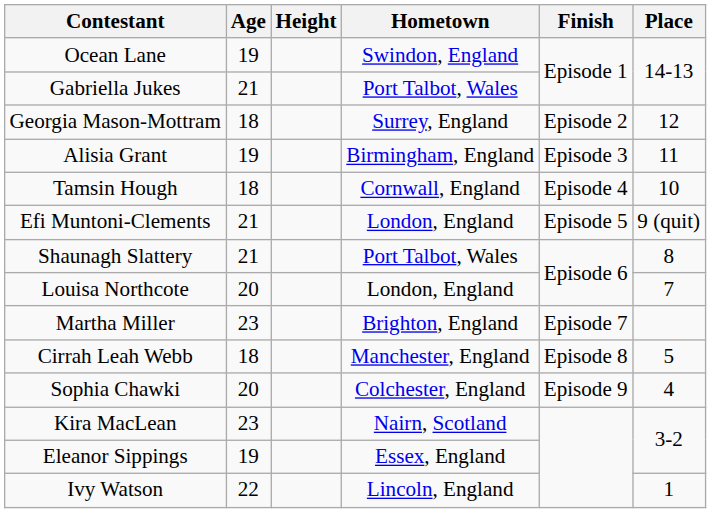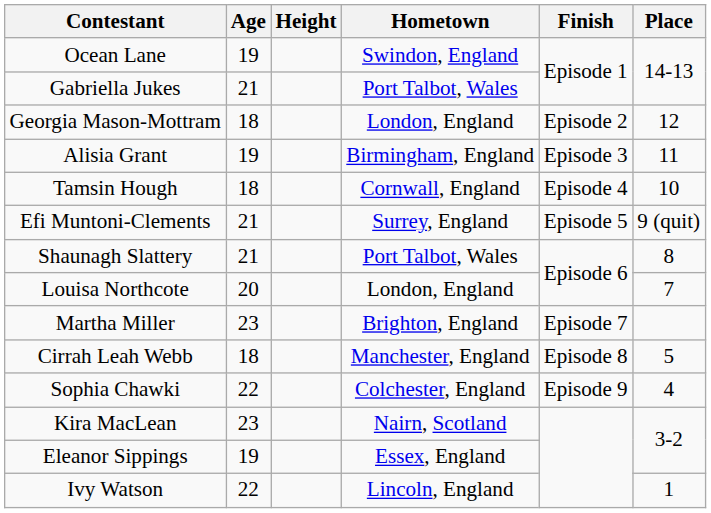 <table class="wikitable sortable" style="text-align:center;">
 <tr>
 <th>Contestant</th>
 <th>Age</th>
 <th>Height</th>
 <th>Hometown</th>
 <th>Finish</th>
 <th>Place</th>
 </tr>
 <tr>
 <td>Ocean Lane</td>
 <td>19</td>
 <td></td>
 <td><a href='#'>Swindon</a>, <a href='#'>England</a></td>
 <td rowspan="2">Episode 1</td>
 <td rowspan="2">14-13</td>
 </tr>
 <tr>
 <td>Gabriella Jukes</td>
 <td>21</td>
 <td></td>
 <td><a href='#'>Port Talbot</a>, <a href='#'>Wales</a></td>
 </tr>
 <tr>
 <td>Georgia Mason-Mottram</td>
 <td>18</td>
 <td></td>
-<td><a href='#'>Surrey</a>, England</td>
+<td><a href='#'>London</a>, England</td>
 <td>Episode 2</td>
 <td>12</td>
 </tr>
 <tr>
 <td>Alisia Grant</td>
 <td>19</td>
 <td></td>
 <td><a href='#'>Birmingham</a>, England</td>
 <td>Episode 3</td>
 <td>11</td>
 </tr>
 <tr>
 <td>Tamsin Hough</td>
 <td>18</td>
 <td></td>
 <td><a href='#'>Cornwall</a>, England</td>
 <td>Episode 4</td>
 <td>10</td>
 </tr>
 <tr>
 <td>Efi Muntoni-Clements</td>
 <td>21</td>
 <td></td>
-<td><a href='#'>London</a>, England</td>
+<td><a href='#'>Surrey</a>, England</td>
 <td>Episode 5</td>
 <td>9 (quit)</td>
 </tr>
 <tr>
 <td>Shaunagh Slattery</td>
 <td>21</td>
 <td></td>
 <td><a href='#'>Port Talbot</a>, Wales</td>
 <td rowspan="2">Episode 6</td>
 <td>8</td>
 </tr>
 <tr>
 <td>Louisa Northcote</td>
 <td>20</td>
 <td></td>
 <td>London, England</td>
 <td>7</td>
 </tr>
 <tr>
 <td>Martha Miller</td>
 <td>23</td>
 <td></td>
 <td><a href='#'>Brighton</a>, England</td>
 <td>Episode 7</td>
 <td></td>
 </tr>
 <tr>
 <td>Cirrah Leah Webb</td>
 <td>18</td>
 <td></td>
 <td><a href='#'>Manchester</a>, England</td>
 <td>Episode 8</td>
 <td>5</td>
 </tr>
 <tr>
 <td>Sophia Chawki</td>
-<td>20</td>
+<td>22</td>
 <td></td>
 <td><a href='#'>Colchester</a>, England</td>
 <td>Episode 9</td>
 <td>4</td>
 </tr>
 <tr>
 <td>Kira MacLean</td>
 <td>23</td>
 <td></td>
 <td><a href='#'>Nairn</a>, <a href='#'>Scotland</a></td>
 <td rowspan="3"></td>
 <td rowspan="2">3-2</td>
 </tr>
 <tr>
 <td>Eleanor Sippings</td>
 <td>19</td>
 <td></td>
 <td><a href='#'>Essex</a>, England</td>
 </tr>
 <tr>
 <td>Ivy Watson</td>
 <td>22</td>
 <td></td>
 <td><a href='#'>Lincoln</a>, England</td>
 <td>1</td>
 </tr>
 </table>
